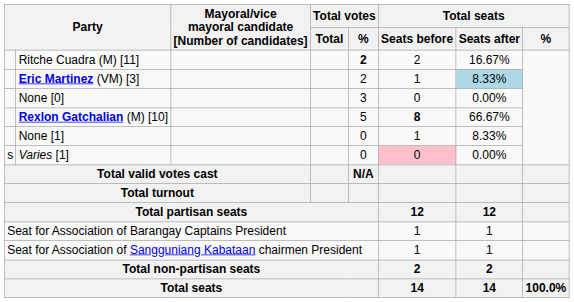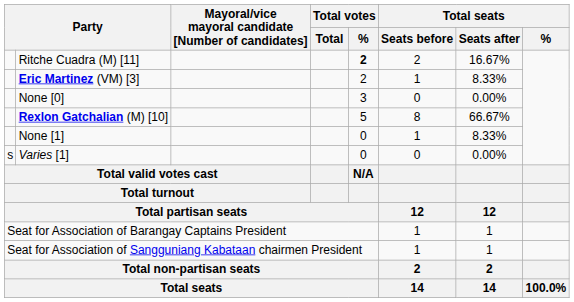 <table class=wikitable style="text-align:right">
 <tr>
 <th rowspan=2 colspan=2>Party</th>
 <th rowspan=2>Mayoral/vice<br>mayoral candidate<br>[Number of candidates]</th>
 <th colspan=2>Total votes</th>
 <th colspan=3>Total seats</th>
 </tr>
 <tr>
 <th>Total</th>
 <th>%</th>
 <th>Seats before</th>
 <th>Seats after</th>
 <th>%</th>
 </tr>
 <tr>
 <td></td>
 <td align=left>Ritche Cuadra (M) [11]</td>
 <td></td>
 <td></td>
 <td align="center"><strong>2</strong></td>
 <td align="center">2</td>
 <td align="center">16.67%</td>
 </tr>
 <tr>
 <td></td>
 <td align=left><strong><a href='#'>Eric Martinez</a></strong> (VM) [3]</td>
 <td></td>
 <td></td>
 <td align="center">2</td>
 <td align="center">1</td>
-<td align="center" style="background: lightblue;">8.33%</td>
+<td align="center">8.33%</td>
 </tr>
 <tr>
 <td></td>
 <td align=left>None [0]</td>
 <td></td>
 <td></td>
 <td align="center">3</td>
 <td align="center">0</td>
 <td align="center">0.00%</td>
 </tr>
 <tr>
 <td></td>
 <td align=left><strong><a href='#'>Rexlon Gatchalian</a></strong> (M) [10]</td>
 <td></td>
 <td></td>
 <td align="center">5</td>
-<td align="center"><strong>8</strong></td>
+<td align="center">8</td>
 <td align="center">66.67%</td>
 </tr>
 <tr>
 <td></td>
 <td align=left>None [1]</td>
 <td></td>
 <td></td>
 <td align="center">0</td>
 <td align="center">1</td>
 <td align="center">8.33%</td>
 </tr>
 <tr>
 <td>s</td>
 <td align=left><em>Varies</em> [1]</td>
 <td></td>
 <td></td>
 <td align="center">0</td>
-<td align="center" style="background: pink;">0</td>
+<td align="center">0</td>
 <td align="center">0.00%</td>
 </tr>
 <tr>
 <th align=left colspan=3>Total valid votes cast</th>
 <th></th>
 <th>N/A</th>
 <th></th>
 <th></th>
 <th></th>
 </tr>
 <tr>
 <th align=left colspan=3>Total turnout</th>
 <th></th>
 <th></th>
 <th></th>
 <th></th>
 <th></th>
 </tr>
 <tr>
 <th align=left colspan=5>Total partisan seats</th>
 <th>12</th>
 <th>12</th>
 <th></th>
 </tr>
 <tr>
 <td align=left colspan=5>Seat for Association of Barangay Captains President</td>
 <td align="center">1</td>
 <td align="center">1</td>
 <td></td>
 </tr>
 <tr>
 <td align=left colspan=5>Seat for Association of <a href='#'>Sangguniang Kabataan</a> chairmen President</td>
 <td align="center">1</td>
 <td align="center">1</td>
 <td></td>
 </tr>
 <tr>
 <th align=left colspan=5>Total non-partisan seats</th>
 <th>2</th>
 <th>2</th>
 <th></th>
 </tr>
 <tr>
 <th colspan=5>Total seats</th>
 <th>14</th>
 <th>14</th>
 <th>100.0%</th>
 </tr>
 </table>
